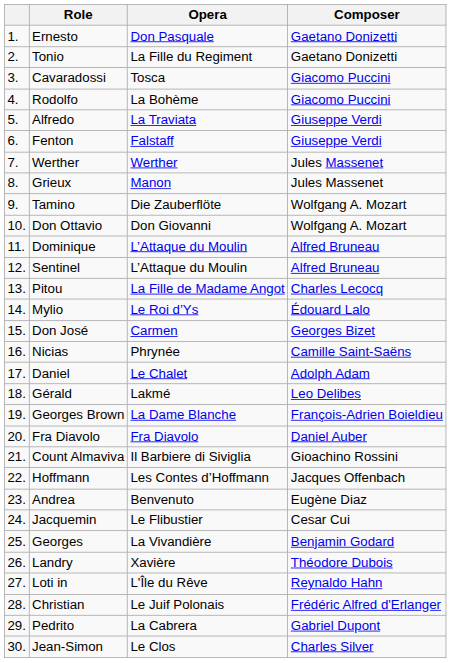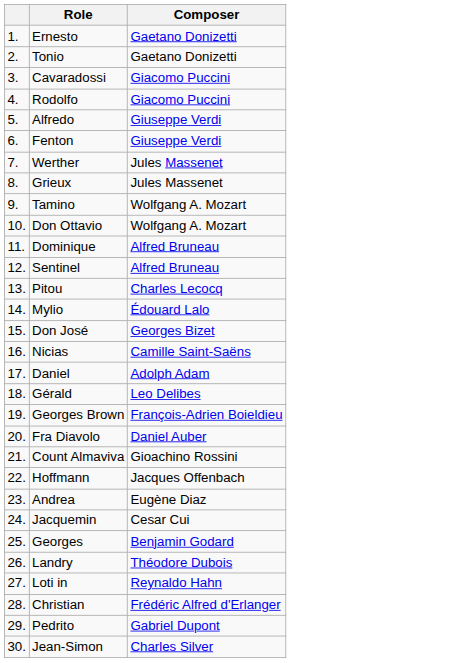 <table class="wikitable">
 <tr>
 <th></th>
 <th>Role</th>
-<th>Opera</th>
 <th>Composer</th>
 </tr>
 <tr>
 <td>1.</td>
 <td>Ernesto</td>
-<td><a href='#'>Don Pasquale</a></td>
 <td><a href='#'>Gaetano Donizetti</a></td>
 </tr>
 <tr>
 <td>2.</td>
 <td>Tonio</td>
-<td>La Fille du Regiment</td>
 <td>Gaetano Donizetti</td>
 </tr>
 <tr>
 <td>3.</td>
 <td>Cavaradossi</td>
-<td>Tosca</td>
 <td><a href='#'>Giacomo Puccini</a></td>
 </tr>
 <tr>
 <td>4.</td>
 <td>Rodolfo</td>
-<td>La Bohème</td>
 <td><a href='#'>Giacomo Puccini</a></td>
 </tr>
 <tr>
 <td>5.</td>
 <td>Alfredo</td>
-<td><a href='#'>La Traviata</a></td>
 <td><a href='#'>Giuseppe Verdi</a></td>
 </tr>
 <tr>
 <td>6.</td>
 <td>Fenton</td>
-<td><a href='#'>Falstaff</a></td>
 <td><a href='#'>Giuseppe Verdi</a></td>
 </tr>
 <tr>
 <td>7.</td>
 <td>Werther</td>
-<td><a href='#'>Werther</a></td>
 <td>Jules <a href='#'>Massenet</a></td>
 </tr>
 <tr>
 <td>8.</td>
 <td>Grieux</td>
-<td><a href='#'>Manon</a></td>
 <td>Jules Massenet</td>
 </tr>
 <tr>
 <td>9.</td>
 <td>Tamino</td>
-<td>Die Zauberflöte</td>
 <td>Wolfgang A. Mozart</td>
 </tr>
 <tr>
 <td>10.</td>
 <td>Don Ottavio</td>
-<td>Don Giovanni</td>
 <td>Wolfgang A. Mozart</td>
 </tr>
 <tr>
 <td>11.</td>
 <td>Dominique</td>
-<td><a href='#'>L’Attaque du Moulin</a></td>
 <td><a href='#'>Alfred Bruneau</a></td>
 </tr>
 <tr>
 <td>12.</td>
 <td>Sentinel</td>
-<td>L’Attaque du Moulin</td>
 <td><a href='#'>Alfred Bruneau</a></td>
 </tr>
 <tr>
 <td>13.</td>
 <td>Pitou</td>
-<td><a href='#'>La Fille de Madame Angot</a></td>
 <td><a href='#'>Charles Lecocq</a></td>
 </tr>
 <tr>
 <td>14.</td>
 <td>Mylio</td>
-<td><a href='#'>Le Roi d’Ys</a></td>
 <td><a href='#'>Édouard Lalo</a></td>
 </tr>
 <tr>
 <td>15.</td>
 <td>Don José</td>
-<td><a href='#'>Carmen</a></td>
 <td><a href='#'>Georges Bizet</a></td>
 </tr>
 <tr>
 <td>16.</td>
 <td>Nicias</td>
-<td>Phrynée</td>
 <td><a href='#'>Camille Saint-Saëns</a></td>
 </tr>
 <tr>
 <td>17.</td>
 <td>Daniel</td>
-<td><a href='#'>Le Chalet</a></td>
 <td><a href='#'>Adolph Adam</a></td>
 </tr>
 <tr>
 <td>18.</td>
 <td>Gérald</td>
-<td>Lakmé</td>
 <td><a href='#'>Leo Delibes</a></td>
 </tr>
 <tr>
 <td>19.</td>
 <td>Georges Brown</td>
-<td><a href='#'>La Dame Blanche</a></td>
 <td><a href='#'>François-Adrien Boieldieu</a></td>
 </tr>
 <tr>
 <td>20.</td>
 <td>Fra Diavolo</td>
-<td><a href='#'>Fra Diavolo</a></td>
 <td><a href='#'>Daniel Auber</a></td>
 </tr>
 <tr>
 <td>21.</td>
 <td>Count Almaviva</td>
-<td>Il Barbiere di Siviglia</td>
 <td>Gioachino Rossini</td>
 </tr>
 <tr>
 <td>22.</td>
 <td>Hoffmann</td>
-<td>Les Contes d’Hoffmann</td>
 <td>Jacques Offenbach</td>
 </tr>
 <tr>
 <td>23.</td>
 <td>Andrea</td>
-<td>Benvenuto</td>
 <td>Eugène Diaz</td>
 </tr>
 <tr>
 <td>24.</td>
 <td>Jacquemin</td>
-<td>Le Flibustier</td>
 <td>Cesar Cui</td>
 </tr>
 <tr>
 <td>25.</td>
 <td>Georges</td>
-<td>La Vivandière</td>
 <td><a href='#'>Benjamin Godard</a></td>
 </tr>
 <tr>
 <td>26.</td>
 <td>Landry</td>
-<td>Xavière</td>
 <td><a href='#'>Théodore Dubois</a></td>
 </tr>
 <tr>
 <td>27.</td>
 <td>Loti in</td>
-<td>L'Île du Rêve</td>
 <td><a href='#'>Reynaldo Hahn</a></td>
 </tr>
 <tr>
 <td>28.</td>
 <td>Christian</td>
-<td>Le Juif Polonais</td>
 <td><a href='#'>Frédéric Alfred d'Erlanger</a></td>
 </tr>
 <tr>
 <td>29.</td>
 <td>Pedrito</td>
-<td>La Cabrera</td>
 <td><a href='#'>Gabriel Dupont</a></td>
 </tr>
 <tr>
 <td>30.</td>
 <td>Jean-Simon</td>
-<td>Le Clos</td>
 <td><a href='#'>Charles Silver</a></td>
 </tr>
 </table>
